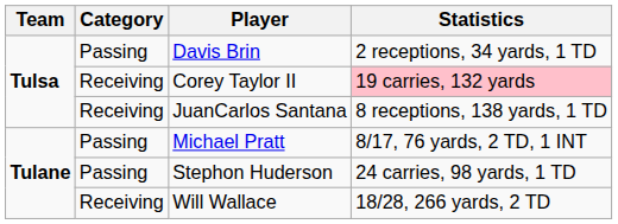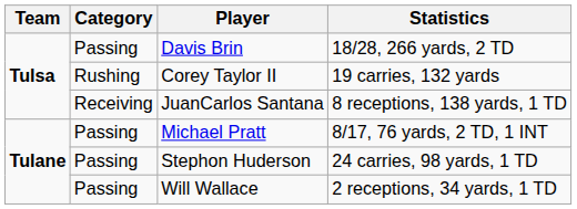 <table class="wikitable" style="float: right;">
 <tr>
 <th>Team</th>
 <th>Category</th>
 <th>Player</th>
 <th>Statistics</th>
 </tr>
 <tr>
 <td rowspan=3><strong>Tulsa</strong></td>
 <td>Passing</td>
 <td><a href='#'>Davis Brin</a></td>
-<td>2 receptions, 34 yards, 1 TD</td>
+<td>18/28, 266 yards, 2 TD</td>
 </tr>
 <tr>
-<td>Receiving</td>
+<td>Rushing</td>
 <td>Corey Taylor II</td>
-<td style="background: pink;">19 carries, 132 yards</td>
+<td>19 carries, 132 yards</td>
 </tr>
 <tr>
 <td>Receiving</td>
 <td>JuanCarlos Santana</td>
 <td>8 receptions, 138 yards, 1 TD</td>
 </tr>
 <tr>
 <td rowspan=3><strong>Tulane</strong></td>
 <td>Passing</td>
 <td><a href='#'>Michael Pratt</a></td>
 <td>8/17, 76 yards, 2 TD, 1 INT</td>
 </tr>
 <tr>
 <td>Passing</td>
 <td>Stephon Huderson</td>
 <td>24 carries, 98 yards, 1 TD</td>
 </tr>
 <tr>
-<td>Receiving</td>
+<td>Passing</td>
 <td>Will Wallace</td>
-<td>18/28, 266 yards, 2 TD</td>
+<td>2 receptions, 34 yards, 1 TD</td>
 </tr>
 </table>
